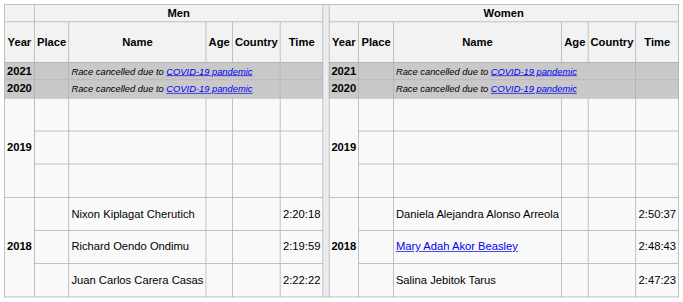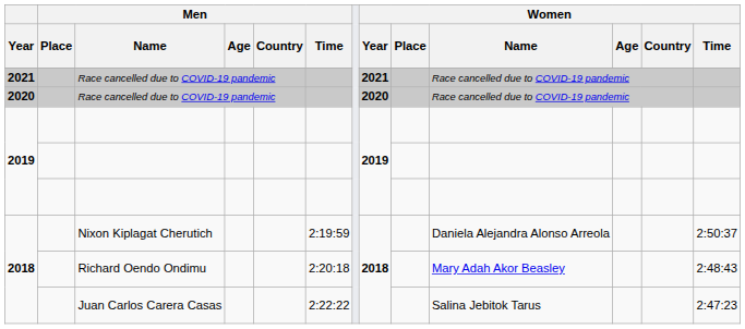 <table class="wikitable sortable" style="font-size=95%;">
 <tr>
 <th colspan=1></th>
 <th colspan=5>Men</th>
 <th colspan=1 style="border:none; background:#eaecf0;"></th>
 <th colspan=6>Women</th>
 </tr>
 <tr>
 <th>Year</th>
 <th scope="col" height="50px">Place</th>
 <th>Name</th>
 <th>Age</th>
 <th>Country</th>
 <th>Time</th>
 <th scope="col" class="unsortable" width="1px" style="border:none; background:#eaecf0;"></th>
 <th>Year</th>
 <th>Place</th>
 <th>Name</th>
 <th>Age</th>
 <th>Country</th>
 <th>Time</th>
 </tr>
 <tr>
 <td bgcolor=#c9c9c9><strong>2021</strong></td>
 <td bgcolor=#c9c9c9 data-sort-value="ZZZ"></td>
 <td colspan=3 bgcolor=#c9c9c9 data-sort-value="ZZZ"><small><em>Race cancelled due to <a href='#'>COVID-19 pandemic</a></em></small></td>
 <td data-sort-value="99:99:99" bgcolor=#c9c9c9></td>
 <td style="border:none; background:#eaecf0;"></td>
 <td bgcolor=#c9c9c9><strong>2021</strong></td>
 <td bgcolor=#c9c9c9 data-sort-value="ZZZ"></td>
 <td colspan=3 bgcolor=#c9c9c9 data-sort-value="ZZZ"><small><em>Race cancelled due to <a href='#'>COVID-19 pandemic</a></em></small></td>
 <td data-sort-value="99:99:99" bgcolor=#c9c9c9></td>
 </tr>
 <tr>
 <td bgcolor=#c9c9c9><strong>2020</strong></td>
 <td bgcolor=#c9c9c9 data-sort-value="ZZZ"></td>
 <td colspan=3 bgcolor=#c9c9c9 data-sort-value="ZZZ"><small><em>Race cancelled due to <a href='#'>COVID-19 pandemic</a></em></small></td>
 <td data-sort-value="99:99:99" bgcolor=#c9c9c9></td>
 <td style="border:none; background:#eaecf0;"></td>
 <td bgcolor=#c9c9c9><strong>2020</strong></td>
 <td bgcolor=#c9c9c9 data-sort-value="ZZZ"></td>
 <td colspan=3 bgcolor=#c9c9c9 data-sort-value="ZZZ"><small><em>Race cancelled due to <a href='#'>COVID-19 pandemic</a></em></small></td>
 <td data-sort-value="99:99:99" bgcolor=#c9c9c9></td>
 </tr>
 <tr>
 <td rowspan=3><strong>2019</strong></td>
 <td style="text-align:center;height:40px"></td>
 <td data-sort-value=""></td>
 <td></td>
 <td></td>
 <td></td>
 <td style="border:none; background:#eaecf0;"></td>
 <td rowspan=3><strong>2019</strong></td>
 <td style="text-align:center;height:40px"></td>
 <td></td>
 <td></td>
 <td></td>
 <td></td>
 </tr>
 <tr>
 <td style="text-align:center;height:40px"></td>
 <td data-sort-value=""></td>
 <td></td>
 <td></td>
 <td></td>
 <td style="border:none; background:#eaecf0;"></td>
 <td style="text-align:center;height:40px"></td>
 <td data-sort-value=""></td>
 <td></td>
 <td></td>
 <td></td>
 </tr>
 <tr>
 <td style="text-align:center;height:40px"></td>
 <td data-sort-value=""></td>
 <td></td>
 <td></td>
 <td></td>
 <td style="border:none; background:#eaecf0;"></td>
 <td style="text-align:center;height:40px"></td>
 <td data-sort-value=""></td>
 <td></td>
 <td></td>
 <td></td>
 </tr>
 <tr>
 <td rowspan=3><strong>2018</strong></td>
 <td style="text-align:center;height:40px"></td>
 <td data-sort-value="Cherutich, Nixon">Nixon Kiplagat Cherutich</td>
 <td></td>
 <td></td>
-<td>2:20:18</td>
+<td>2:19:59</td>
 <td style="border:none; background:#eaecf0;"></td>
 <td rowspan=3><strong>2018</strong></td>
 <td style="text-align:center;height:40px"></td>
 <td data-sort-value="Arreola, Daniela">Daniela Alejandra Alonso Arreola</td>
 <td></td>
 <td></td>
 <td>2:50:37</td>
 </tr>
 <tr>
 <td style="text-align:center;height:40px"></td>
 <td data-sort-value="Ondimu, Richard">Richard Oendo Ondimu</td>
 <td></td>
 <td></td>
-<td>2:19:59</td>
+<td>2:20:18</td>
 <td style="border:none; background:#eaecf0;"></td>
 <td style="text-align:center;height:40px"></td>
 <td data-sort-value="Beasley, Mary"><a href='#'>Mary Adah Akor Beasley</a></td>
 <td></td>
 <td></td>
 <td>2:48:43</td>
 </tr>
 <tr>
 <td style="text-align:center;height:40px"></td>
 <td data-sort-value="Casas, Juan">Juan Carlos Carera Casas</td>
 <td></td>
 <td></td>
 <td>2:22:22</td>
 <td style="border:none; background:#eaecf0;"></td>
 <td style="text-align:center;height:40px"></td>
 <td data-sort-value="Tarus, Salina">Salina Jebitok Tarus</td>
 <td></td>
 <td></td>
 <td>2:47:23</td>
 </tr>
 </table>
